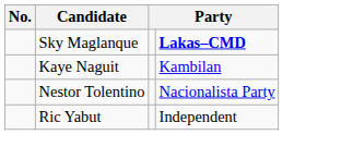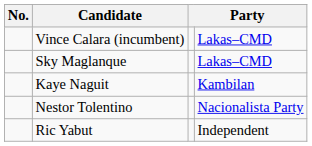 <table class="wikitable sortable" style="text-align:left;">
 <tr>
 <th>No.</th>
 <th>Candidate</th>
 <th colspan="2">Party</th>
 </tr>
 <tr>
 <td></td>
+<td>Vince Calara (incumbent)</td>
+<td></td>
+<td><a href='#'>Lakas–CMD</a></td>
+</tr>
+<tr>
+<td></td>
 <td>Sky Maglanque</td>
 <td></td>
-<td><strong><a href='#'>Lakas–CMD</a></strong></td>
+<td><a href='#'>Lakas–CMD</a></td>
 </tr>
 <tr>
 <td></td>
 <td>Kaye Naguit</td>
 <td></td>
 <td><a href='#'>Kambilan</a></td>
 </tr>
 <tr>
 <td></td>
 <td>Nestor Tolentino</td>
 <td></td>
 <td><a href='#'>Nacionalista Party</a></td>
 </tr>
 <tr>
 <td></td>
 <td>Ric Yabut</td>
 <td></td>
 <td>Independent</td>
 </tr>
 </table>
